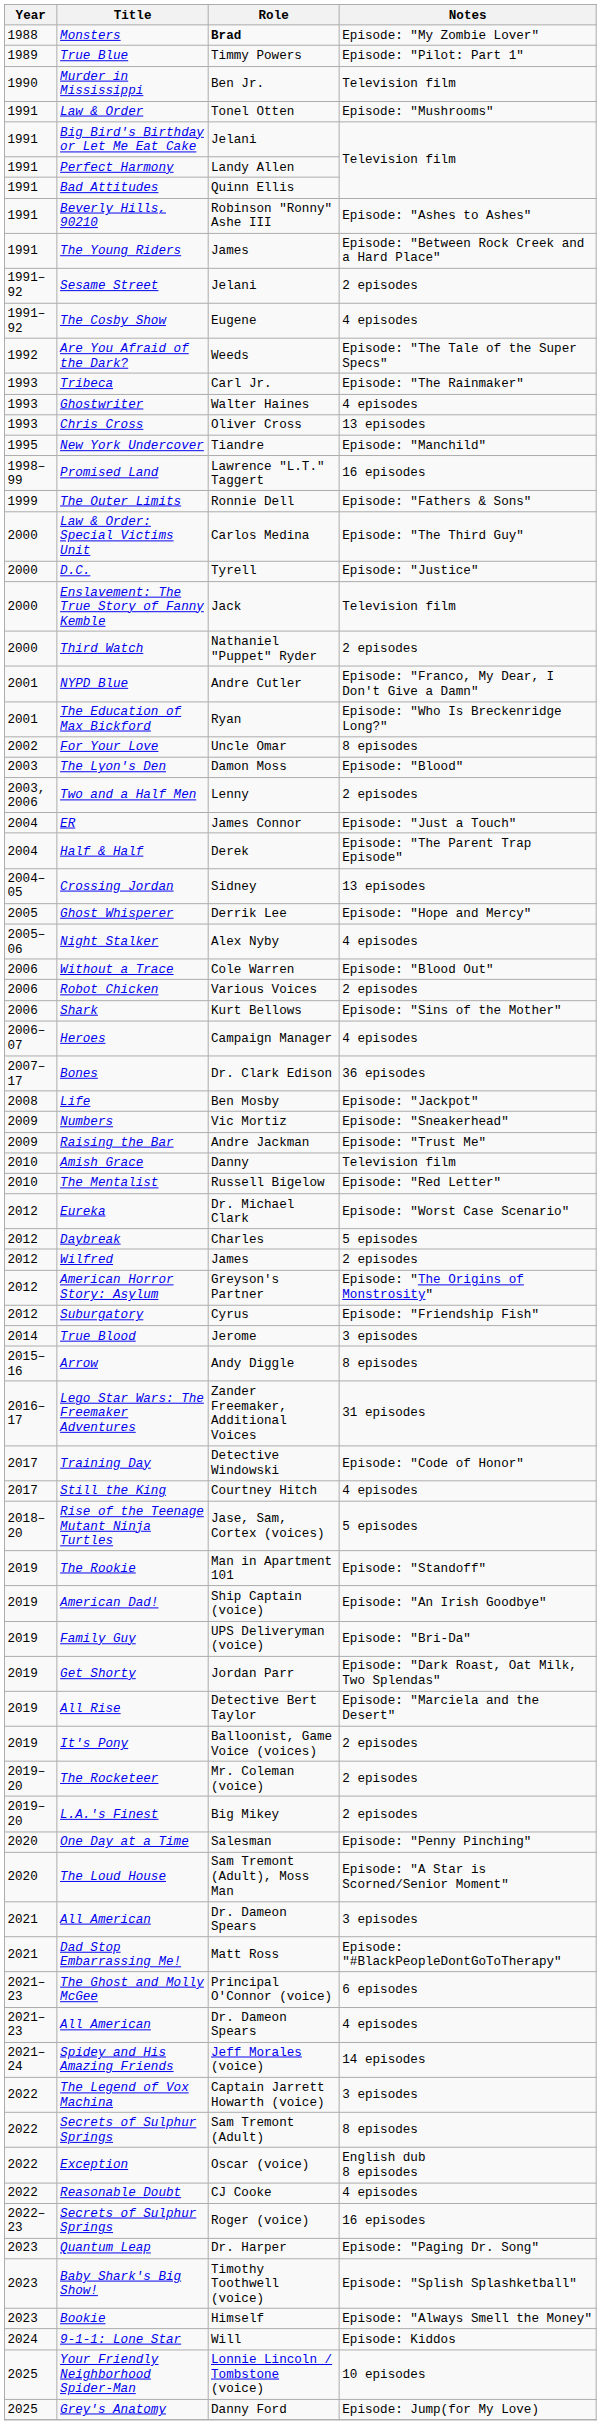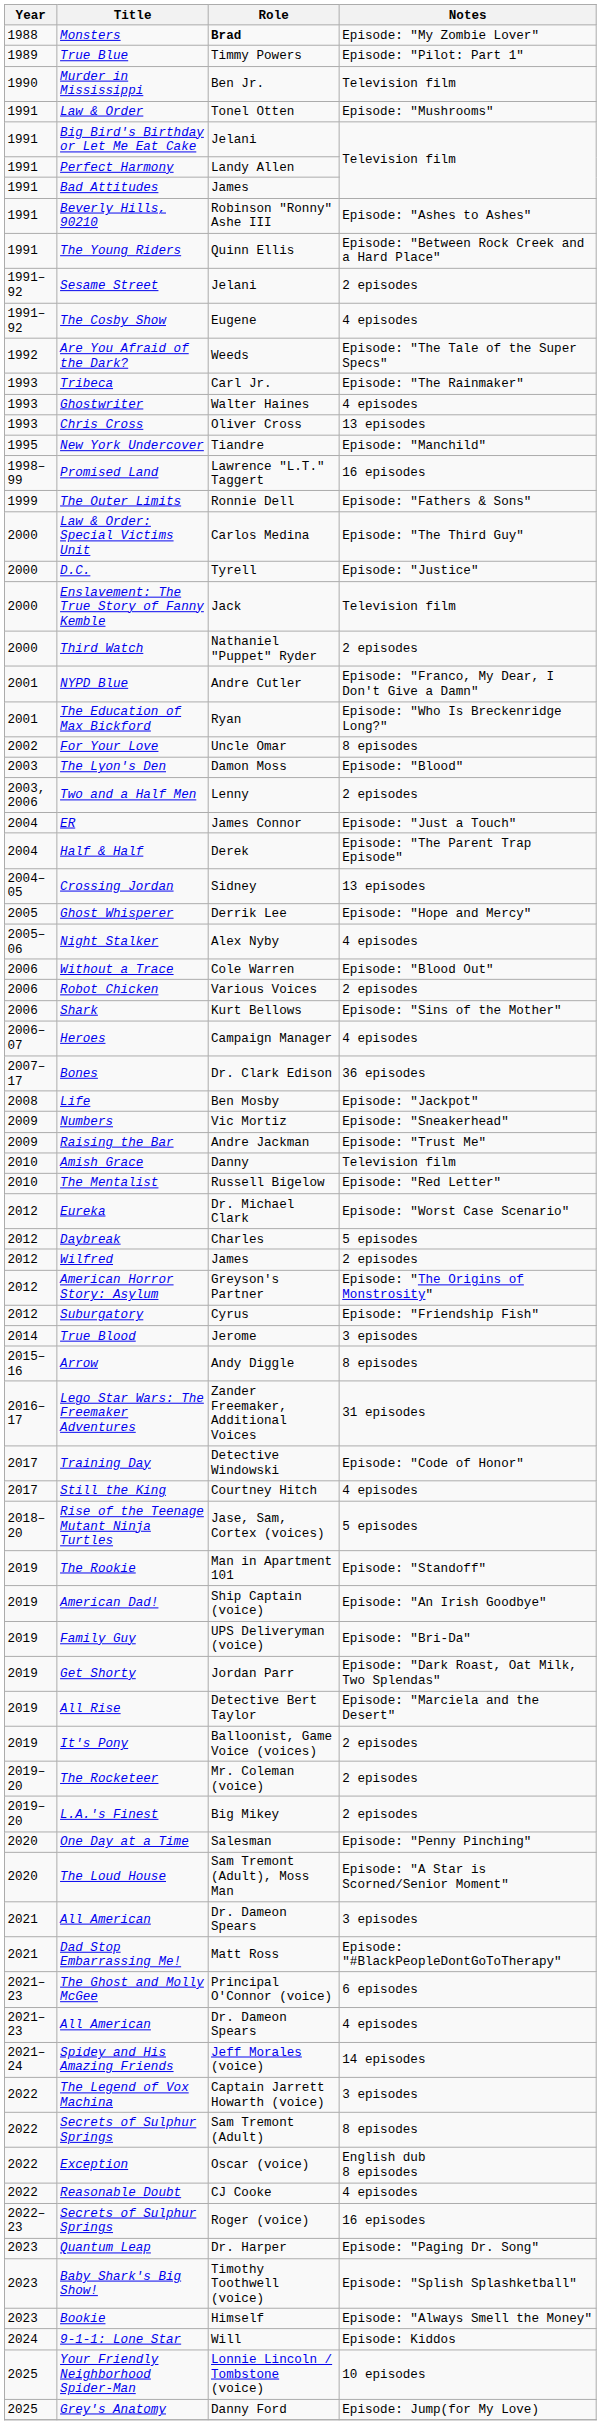 <table class="wikitable sortable">
 <tr>
 <th>Year</th>
 <th>Title</th>
 <th>Role</th>
 <th>Notes</th>
 </tr>
 <tr>
 <td>1988</td>
 <td><em><a href='#'>Monsters</a></em></td>
 <td><strong>Brad</strong></td>
 <td>Episode: "My Zombie Lover"</td>
 </tr>
 <tr>
 <td>1989</td>
 <td><em><a href='#'>True Blue</a></em></td>
 <td>Timmy Powers</td>
 <td>Episode: "Pilot: Part 1"</td>
 </tr>
 <tr>
 <td>1990</td>
 <td><em><a href='#'>Murder in Mississippi</a></em></td>
 <td>Ben Jr.</td>
 <td>Television film</td>
 </tr>
 <tr>
 <td>1991</td>
 <td><em><a href='#'>Law & Order</a></em></td>
 <td>Tonel Otten</td>
 <td>Episode: "Mushrooms"</td>
 </tr>
 <tr>
 <td>1991</td>
 <td><em><a href='#'>Big Bird's Birthday or Let Me Eat Cake</a></em></td>
 <td>Jelani</td>
 <td rowspan="3">Television film</td>
 </tr>
 <tr>
 <td>1991</td>
 <td><em><a href='#'>Perfect Harmony</a></em></td>
 <td>Landy Allen</td>
 </tr>
 <tr>
 <td>1991</td>
 <td><em><a href='#'>Bad Attitudes</a></em></td>
-<td>Quinn Ellis</td>
+<td>James</td>
 </tr>
 <tr>
 <td>1991</td>
 <td><em><a href='#'>Beverly Hills, 90210</a></em></td>
 <td>Robinson "Ronny" Ashe III</td>
 <td>Episode: "Ashes to Ashes"</td>
 </tr>
 <tr>
 <td>1991</td>
 <td><em><a href='#'>The Young Riders</a></em></td>
-<td>James</td>
+<td>Quinn Ellis</td>
 <td>Episode: "Between Rock Creek and a Hard Place"</td>
 </tr>
 <tr>
 <td>1991–92</td>
 <td><em><a href='#'>Sesame Street</a></em></td>
 <td>Jelani</td>
 <td>2 episodes</td>
 </tr>
 <tr>
 <td>1991–92</td>
 <td><em><a href='#'>The Cosby Show</a></em></td>
 <td>Eugene</td>
 <td>4 episodes</td>
 </tr>
 <tr>
 <td>1992</td>
 <td><em><a href='#'>Are You Afraid of the Dark?</a></em></td>
 <td>Weeds</td>
 <td>Episode: "The Tale of the Super Specs"</td>
 </tr>
 <tr>
 <td>1993</td>
 <td><em><a href='#'>Tribeca</a></em></td>
 <td>Carl Jr.</td>
 <td>Episode: "The Rainmaker"</td>
 </tr>
 <tr>
 <td>1993</td>
 <td><em><a href='#'>Ghostwriter</a></em></td>
 <td>Walter Haines</td>
 <td>4 episodes</td>
 </tr>
 <tr>
 <td>1993</td>
 <td><em><a href='#'>Chris Cross</a></em></td>
 <td>Oliver Cross</td>
 <td>13 episodes</td>
 </tr>
 <tr>
 <td>1995</td>
 <td><em><a href='#'>New York Undercover</a></em></td>
 <td>Tiandre</td>
 <td>Episode: "Manchild"</td>
 </tr>
 <tr>
 <td>1998–99</td>
 <td><em><a href='#'>Promised Land</a></em></td>
 <td>Lawrence "L.T." Taggert</td>
 <td>16 episodes</td>
 </tr>
 <tr>
 <td>1999</td>
 <td><em><a href='#'>The Outer Limits</a></em></td>
 <td>Ronnie Dell</td>
 <td>Episode: "Fathers & Sons"</td>
 </tr>
 <tr>
 <td>2000</td>
 <td><em><a href='#'>Law & Order: Special Victims Unit</a></em></td>
 <td>Carlos Medina</td>
 <td>Episode: "The Third Guy"</td>
 </tr>
 <tr>
 <td>2000</td>
 <td><em><a href='#'>D.C.</a></em></td>
 <td>Tyrell</td>
 <td>Episode: "Justice"</td>
 </tr>
 <tr>
 <td>2000</td>
 <td><em><a href='#'>Enslavement: The True Story of Fanny Kemble</a></em></td>
 <td>Jack</td>
 <td>Television film</td>
 </tr>
 <tr>
 <td>2000</td>
 <td><em><a href='#'>Third Watch</a></em></td>
 <td>Nathaniel "Puppet" Ryder</td>
 <td>2 episodes</td>
 </tr>
 <tr>
 <td>2001</td>
 <td><em><a href='#'>NYPD Blue</a></em></td>
 <td>Andre Cutler</td>
 <td>Episode: "Franco, My Dear, I Don't Give a Damn"</td>
 </tr>
 <tr>
 <td>2001</td>
 <td><em><a href='#'>The Education of Max Bickford</a></em></td>
 <td>Ryan</td>
 <td>Episode: "Who Is Breckenridge Long?"</td>
 </tr>
 <tr>
 <td>2002</td>
 <td><em><a href='#'>For Your Love</a></em></td>
 <td>Uncle Omar</td>
 <td>8 episodes</td>
 </tr>
 <tr>
 <td>2003</td>
 <td><em><a href='#'>The Lyon's Den</a></em></td>
 <td>Damon Moss</td>
 <td>Episode: "Blood"</td>
 </tr>
 <tr>
 <td>2003, 2006</td>
 <td><em><a href='#'>Two and a Half Men</a></em></td>
 <td>Lenny</td>
 <td>2 episodes</td>
 </tr>
 <tr>
 <td>2004</td>
 <td><em><a href='#'>ER</a></em></td>
 <td>James Connor</td>
 <td>Episode: "Just a Touch"</td>
 </tr>
 <tr>
 <td>2004</td>
 <td><em><a href='#'>Half & Half</a></em></td>
 <td>Derek</td>
 <td>Episode: "The Parent Trap Episode"</td>
 </tr>
 <tr>
 <td>2004–05</td>
 <td><em><a href='#'>Crossing Jordan</a></em></td>
 <td>Sidney</td>
 <td>13 episodes</td>
 </tr>
 <tr>
 <td>2005</td>
 <td><em><a href='#'>Ghost Whisperer</a></em></td>
 <td>Derrik Lee</td>
 <td>Episode: "Hope and Mercy"</td>
 </tr>
 <tr>
 <td>2005–06</td>
 <td><em><a href='#'>Night Stalker</a></em></td>
 <td>Alex Nyby</td>
 <td>4 episodes</td>
 </tr>
 <tr>
 <td>2006</td>
 <td><em><a href='#'>Without a Trace</a></em></td>
 <td>Cole Warren</td>
 <td>Episode: "Blood Out"</td>
 </tr>
 <tr>
 <td>2006</td>
 <td><em><a href='#'>Robot Chicken</a></em></td>
 <td>Various Voices</td>
 <td>2 episodes</td>
 </tr>
 <tr>
 <td>2006</td>
 <td><em><a href='#'>Shark</a></em></td>
 <td>Kurt Bellows</td>
 <td>Episode: "Sins of the Mother"</td>
 </tr>
 <tr>
 <td>2006–07</td>
 <td><em><a href='#'>Heroes</a></em></td>
 <td>Campaign Manager</td>
 <td>4 episodes</td>
 </tr>
 <tr>
 <td>2007–17</td>
 <td><em><a href='#'>Bones</a></em></td>
 <td>Dr. Clark Edison</td>
 <td>36 episodes</td>
 </tr>
 <tr>
 <td>2008</td>
 <td><em><a href='#'>Life</a></em></td>
 <td>Ben Mosby</td>
 <td>Episode: "Jackpot"</td>
 </tr>
 <tr>
 <td>2009</td>
 <td><em><a href='#'>Numbers</a></em></td>
 <td>Vic Mortiz</td>
 <td>Episode: "Sneakerhead"</td>
 </tr>
 <tr>
 <td>2009</td>
 <td><em><a href='#'>Raising the Bar</a></em></td>
 <td>Andre Jackman</td>
 <td>Episode: "Trust Me"</td>
 </tr>
 <tr>
 <td>2010</td>
 <td><em><a href='#'>Amish Grace</a></em></td>
 <td>Danny</td>
 <td>Television film</td>
 </tr>
 <tr>
 <td>2010</td>
 <td><em><a href='#'>The Mentalist</a></em></td>
 <td>Russell Bigelow</td>
 <td>Episode: "Red Letter"</td>
 </tr>
 <tr>
 <td>2012</td>
 <td><em><a href='#'>Eureka</a></em></td>
 <td>Dr. Michael Clark</td>
 <td>Episode: "Worst Case Scenario"</td>
 </tr>
 <tr>
 <td>2012</td>
 <td><em><a href='#'>Daybreak</a></em></td>
 <td>Charles</td>
 <td>5 episodes</td>
 </tr>
 <tr>
 <td>2012</td>
 <td><em><a href='#'>Wilfred</a></em></td>
 <td>James</td>
 <td>2 episodes</td>
 </tr>
 <tr>
 <td>2012</td>
 <td><em><a href='#'>American Horror Story: Asylum</a></em></td>
 <td>Greyson's Partner</td>
 <td>Episode: "<a href='#'>The Origins of Monstrosity</a>"</td>
 </tr>
 <tr>
 <td>2012</td>
 <td><em><a href='#'>Suburgatory</a></em></td>
 <td>Cyrus</td>
 <td>Episode: "Friendship Fish"</td>
 </tr>
 <tr>
 <td>2014</td>
 <td><em><a href='#'>True Blood</a></em></td>
 <td>Jerome</td>
 <td>3 episodes</td>
 </tr>
 <tr>
 <td>2015–16</td>
 <td><em><a href='#'>Arrow</a></em></td>
 <td>Andy Diggle</td>
 <td>8 episodes</td>
 </tr>
 <tr>
 <td>2016–17</td>
 <td><em><a href='#'>Lego Star Wars: The Freemaker Adventures</a></em></td>
 <td>Zander Freemaker, Additional Voices</td>
 <td>31 episodes</td>
 </tr>
 <tr>
 <td>2017</td>
 <td><em><a href='#'>Training Day</a></em></td>
 <td>Detective Windowski</td>
 <td>Episode: "Code of Honor"</td>
 </tr>
 <tr>
 <td>2017</td>
 <td><em><a href='#'>Still the King</a></em></td>
 <td>Courtney Hitch</td>
 <td>4 episodes</td>
 </tr>
 <tr>
 <td>2018–20</td>
 <td><em><a href='#'>Rise of the Teenage Mutant Ninja Turtles</a></em></td>
 <td>Jase, Sam, Cortex (voices)</td>
 <td>5 episodes</td>
 </tr>
 <tr>
 <td>2019</td>
 <td><em><a href='#'>The Rookie</a></em></td>
 <td>Man in Apartment 101</td>
 <td>Episode: "Standoff"</td>
 </tr>
 <tr>
 <td>2019</td>
 <td><em><a href='#'>American Dad!</a></em></td>
 <td>Ship Captain (voice)</td>
 <td>Episode: "An Irish Goodbye"</td>
 </tr>
 <tr>
 <td>2019</td>
 <td><em><a href='#'>Family Guy</a></em></td>
 <td>UPS Deliveryman (voice)</td>
 <td>Episode: "Bri-Da"</td>
 </tr>
 <tr>
 <td>2019</td>
 <td><em><a href='#'>Get Shorty</a></em></td>
 <td>Jordan Parr</td>
 <td>Episode: "Dark Roast, Oat Milk, Two Splendas"</td>
 </tr>
 <tr>
 <td>2019</td>
 <td><em><a href='#'>All Rise</a></em></td>
 <td>Detective Bert Taylor</td>
 <td>Episode: "Marciela and the Desert"</td>
 </tr>
 <tr>
 <td>2019</td>
 <td><em><a href='#'>It's Pony</a></em></td>
 <td>Balloonist, Game Voice (voices)</td>
 <td>2 episodes</td>
 </tr>
 <tr>
 <td>2019–20</td>
 <td><em><a href='#'>The Rocketeer</a></em></td>
 <td>Mr. Coleman (voice)</td>
 <td>2 episodes</td>
 </tr>
 <tr>
 <td>2019–20</td>
 <td><em><a href='#'>L.A.'s Finest</a></em></td>
 <td>Big Mikey</td>
 <td>2 episodes</td>
 </tr>
 <tr>
 <td>2020</td>
 <td><em><a href='#'>One Day at a Time</a></em></td>
 <td>Salesman</td>
 <td>Episode: "Penny Pinching"</td>
 </tr>
 <tr>
 <td>2020</td>
 <td><em><a href='#'>The Loud House</a></em></td>
 <td>Sam Tremont (Adult), Moss Man</td>
 <td>Episode: "A Star is Scorned/Senior Moment"</td>
 </tr>
 <tr>
 <td>2021</td>
 <td><em><a href='#'>All American</a></em></td>
 <td>Dr. Dameon Spears</td>
 <td>3 episodes</td>
 </tr>
 <tr>
 <td>2021</td>
 <td><em><a href='#'>Dad Stop Embarrassing Me!</a></em></td>
 <td>Matt Ross</td>
 <td>Episode: "#BlackPeopleDontGoToTherapy"</td>
 </tr>
 <tr>
 <td>2021–23</td>
 <td><em><a href='#'>The Ghost and Molly McGee</a></em></td>
 <td>Principal O'Connor (voice)</td>
 <td>6 episodes</td>
 </tr>
 <tr>
 <td>2021–23</td>
 <td><em><a href='#'>All American</a></em></td>
 <td>Dr. Dameon Spears</td>
 <td>4 episodes</td>
 </tr>
 <tr>
 <td>2021–24</td>
 <td><em><a href='#'>Spidey and His Amazing Friends</a></em></td>
 <td><a href='#'>Jeff Morales</a> (voice)</td>
 <td>14 episodes</td>
 </tr>
 <tr>
 <td>2022</td>
 <td><em><a href='#'>The Legend of Vox Machina</a></em></td>
 <td>Captain Jarrett Howarth (voice)</td>
 <td>3 episodes</td>
 </tr>
 <tr>
 <td>2022</td>
 <td><em><a href='#'>Secrets of Sulphur Springs</a></em></td>
 <td>Sam Tremont (Adult)</td>
 <td>8 episodes</td>
 </tr>
 <tr>
 <td>2022</td>
 <td><em><a href='#'>Exception</a></em></td>
 <td>Oscar (voice)</td>
 <td>English dub<br>8 episodes</td>
 </tr>
 <tr>
 <td>2022</td>
 <td><em><a href='#'>Reasonable Doubt</a></em></td>
 <td>CJ Cooke</td>
 <td>4 episodes</td>
 </tr>
 <tr>
 <td>2022–23</td>
 <td><em><a href='#'>Secrets of Sulphur Springs</a></em></td>
 <td>Roger (voice)</td>
 <td>16 episodes</td>
 </tr>
 <tr>
 <td>2023</td>
 <td><em><a href='#'>Quantum Leap</a></em></td>
 <td>Dr. Harper</td>
 <td>Episode: "Paging Dr. Song"</td>
 </tr>
 <tr>
 <td>2023</td>
 <td><em><a href='#'>Baby Shark's Big Show!</a></em></td>
 <td>Timothy Toothwell (voice)</td>
 <td>Episode: "Splish Splashketball"</td>
 </tr>
 <tr>
 <td>2023</td>
 <td><em><a href='#'>Bookie</a></em></td>
 <td>Himself</td>
 <td>Episode: "Always Smell the Money"</td>
 </tr>
 <tr>
 <td>2024</td>
 <td><em><a href='#'>9-1-1: Lone Star</a></em></td>
 <td>Will</td>
 <td>Episode: Kiddos</td>
 </tr>
 <tr>
 <td>2025</td>
 <td><em><a href='#'>Your Friendly Neighborhood Spider-Man</a></em></td>
 <td><a href='#'>Lonnie Lincoln / Tombstone</a> (voice)</td>
 <td>10 episodes</td>
 </tr>
 <tr>
 <td>2025</td>
 <td><em><a href='#'>Grey's Anatomy</a></em></td>
 <td>Danny Ford</td>
 <td>Episode: Jump(for My Love)</td>
 </tr>
 <tr>
 </tr>
 </table>
